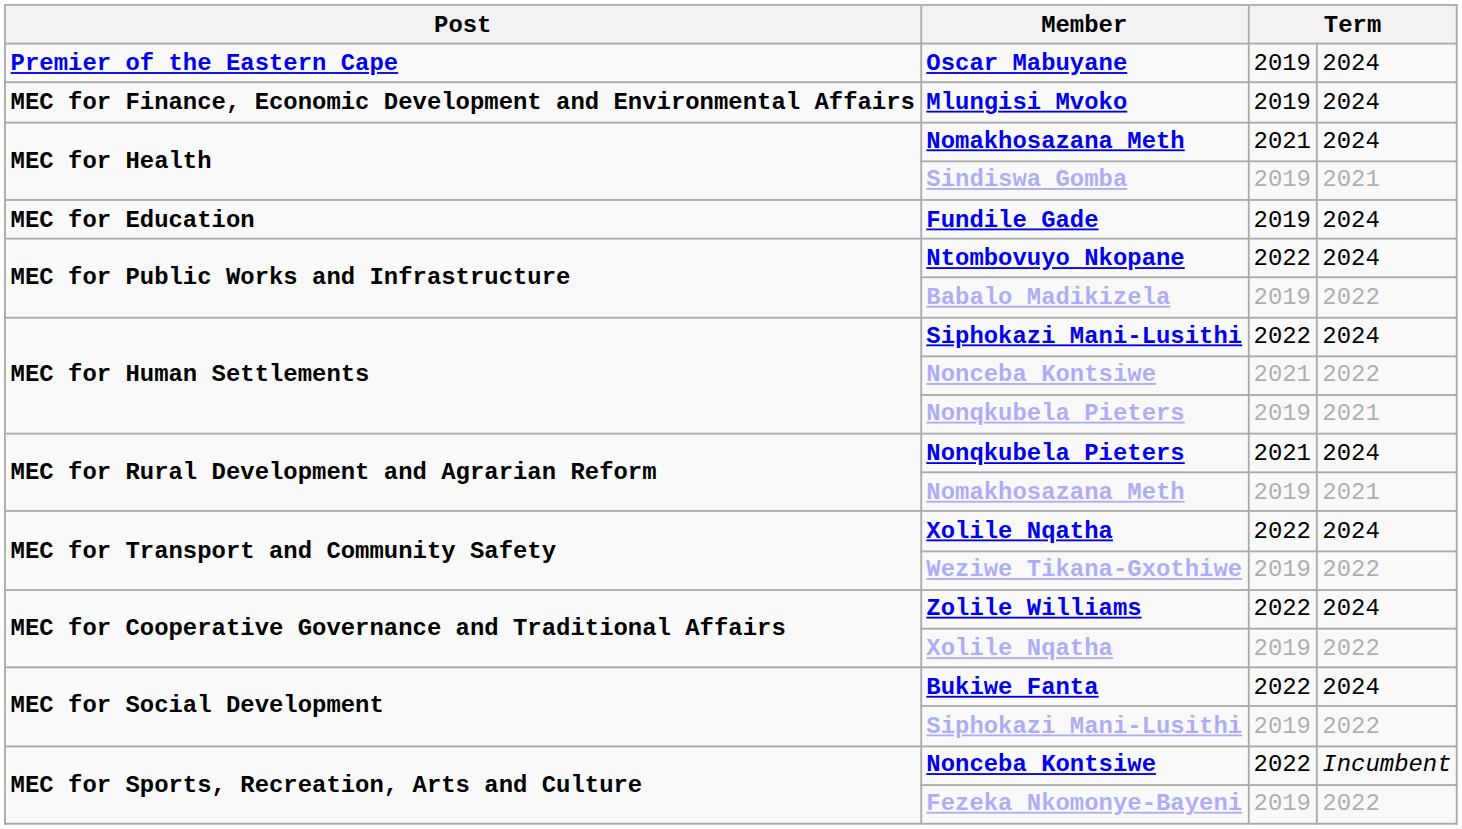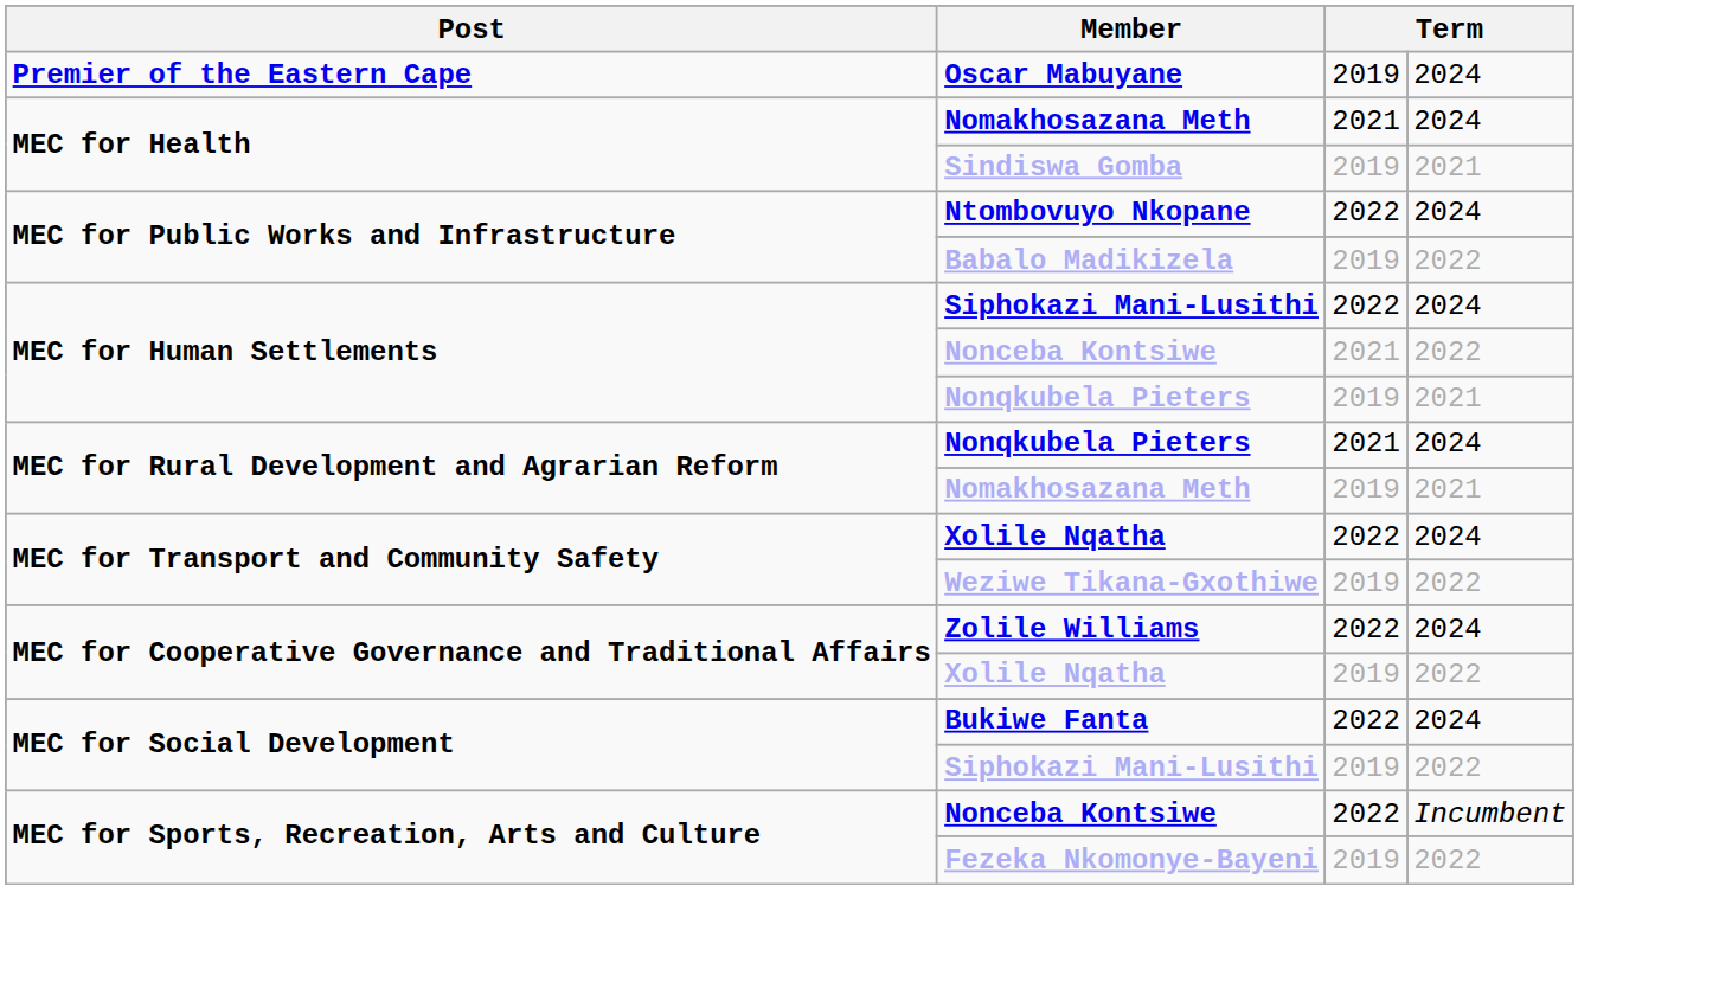 <table class="wikitable">
 <tr>
 <th>Post</th>
 <th>Member</th>
 <th colspan="2">Term</th>
 </tr>
 <tr>
 <td><strong><a href='#'>Premier of the Eastern Cape</a></strong></td>
 <td><strong><a href='#'>Oscar Mabuyane</a></strong></td>
 <td>2019</td>
 <td>2024</td>
 </tr>
 <tr>
-<td><strong>MEC for Finance, Economic Development and Environmental Affairs</strong></td>
-<td><strong><a href='#'>Mlungisi Mvoko</a></strong></td>
-<td>2019</td>
-<td>2024</td>
-</tr>
-<tr>
 <td rowspan="2"><strong>MEC for Health</strong></td>
 <td><strong><a href='#'>Nomakhosazana Meth</a></strong></td>
 <td>2021</td>
 <td>2024</td>
 </tr>
 <tr style="opacity:.3;">
 <td><strong><a href='#'>Sindiswa Gomba</a></strong></td>
 <td>2019</td>
 <td>2021</td>
-</tr>
-<tr>
-<td><strong>MEC for Education</strong></td>
-<td><strong><a href='#'>Fundile Gade</a></strong></td>
-<td>2019</td>
-<td>2024</td>
 </tr>
 <tr>
 <td rowspan="2"><strong>MEC for Public Works and Infrastructure</strong></td>
 <td><strong><a href='#'>Ntombovuyo Nkopane</a></strong></td>
 <td>2022</td>
 <td>2024</td>
 </tr>
 <tr style="opacity:.3;">
 <td><strong><a href='#'>Babalo Madikizela</a></strong></td>
 <td>2019</td>
 <td>2022</td>
 </tr>
 <tr>
 <td rowspan="3"><strong>MEC for Human Settlements</strong></td>
 <td><strong><a href='#'>Siphokazi Mani-Lusithi</a></strong></td>
 <td>2022</td>
 <td>2024</td>
 </tr>
 <tr style="opacity:.3;">
 <td><strong><a href='#'>Nonceba Kontsiwe</a></strong></td>
 <td>2021</td>
 <td>2022</td>
 </tr>
 <tr style="opacity:.3;">
 <td><a href='#'><strong>Nonqkubela Pieters</strong></a></td>
 <td>2019</td>
 <td>2021</td>
 </tr>
 <tr>
 <td rowspan="2"><strong>MEC for Rural Development and Agrarian Reform</strong></td>
 <td><a href='#'><strong>Nonqkubela Pieters</strong></a></td>
 <td>2021</td>
 <td>2024</td>
 </tr>
 <tr style="opacity:.3;">
 <td><strong><a href='#'>Nomakhosazana Meth</a></strong></td>
 <td>2019</td>
 <td>2021</td>
 </tr>
 <tr>
 <td rowspan="2"><strong>MEC for Transport and Community Safety</strong></td>
 <td><strong><a href='#'>Xolile Nqatha</a></strong></td>
 <td>2022</td>
 <td>2024</td>
 </tr>
 <tr style="opacity:.3;">
 <td><a href='#'><strong>Weziwe Tikana-Gxothiwe</strong></a></td>
 <td>2019</td>
 <td>2022</td>
 </tr>
 <tr>
 <td rowspan="2"><strong>MEC for Cooperative Governance and Traditional Affairs</strong></td>
 <td><strong><a href='#'>Zolile Williams</a></strong></td>
 <td>2022</td>
 <td>2024</td>
 </tr>
 <tr style="opacity:.3;">
 <td><strong><a href='#'>Xolile Nqatha</a></strong></td>
 <td>2019</td>
 <td>2022</td>
 </tr>
 <tr>
 <td rowspan="2"><strong>MEC for Social Development</strong></td>
 <td><strong><a href='#'>Bukiwe Fanta</a></strong></td>
 <td>2022</td>
 <td>2024</td>
 </tr>
 <tr style="opacity:.3;">
 <td><strong><a href='#'>Siphokazi Mani-Lusithi</a></strong></td>
 <td>2019</td>
 <td>2022</td>
 </tr>
 <tr>
 <td rowspan="2"><strong>MEC for Sports, Recreation, Arts and Culture</strong></td>
 <td><strong><a href='#'>Nonceba Kontsiwe</a></strong></td>
 <td>2022</td>
 <td><em>Incumbent</em></td>
 </tr>
 <tr style="opacity:.3;">
 <td><strong><a href='#'>Fezeka Nkomonye-Bayeni</a></strong></td>
 <td>2019</td>
 <td>2022</td>
 </tr>
 </table>
